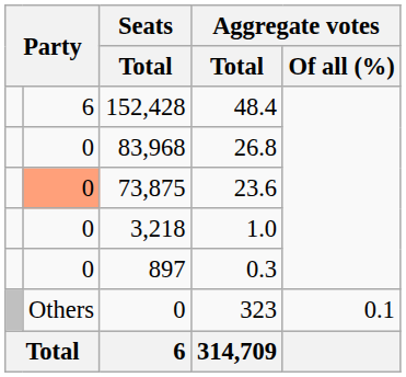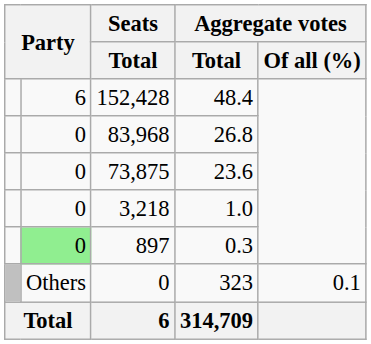 <table class="wikitable" style="text-align:right; font-size:95%;">
 <tr>
 <th colspan="2" rowspan="2">Party</th>
 <th>Seats</th>
 <th colspan="2">Aggregate votes</th>
 </tr>
 <tr>
 <th>Total</th>
 <th>Total</th>
 <th>Of all (%)</th>
 </tr>
 <tr>
 <td></td>
 <td>6</td>
 <td>152,428</td>
 <td>48.4</td>
 </tr>
 <tr>
 <td></td>
 <td>0</td>
 <td>83,968</td>
 <td>26.8</td>
 </tr>
 <tr>
 <td></td>
-<td style="background: lightsalmon;">0</td>
+<td>0</td>
 <td>73,875</td>
 <td>23.6</td>
 </tr>
 <tr>
 <td></td>
 <td>0</td>
 <td>3,218</td>
 <td>1.0</td>
 </tr>
 <tr>
 <td></td>
-<td>0</td>
+<td style="background: lightgreen;">0</td>
 <td>897</td>
 <td>0.3</td>
 </tr>
 <tr>
 <td style="background:silver;"> </td>
 <td align=left>Others</td>
 <td>0</td>
 <td>323</td>
 <td>0.1</td>
 </tr>
 <tr>
 <th colspan="2" style="background:#f2f2f2"><strong>Total</strong></th>
 <td style="background:#f2f2f2;"><strong>6</strong></td>
 <td style="background:#f2f2f2;"><strong>314,709</strong></td>
 <td style="background:#f2f2f2;"></td>
 </tr>
 </table>
